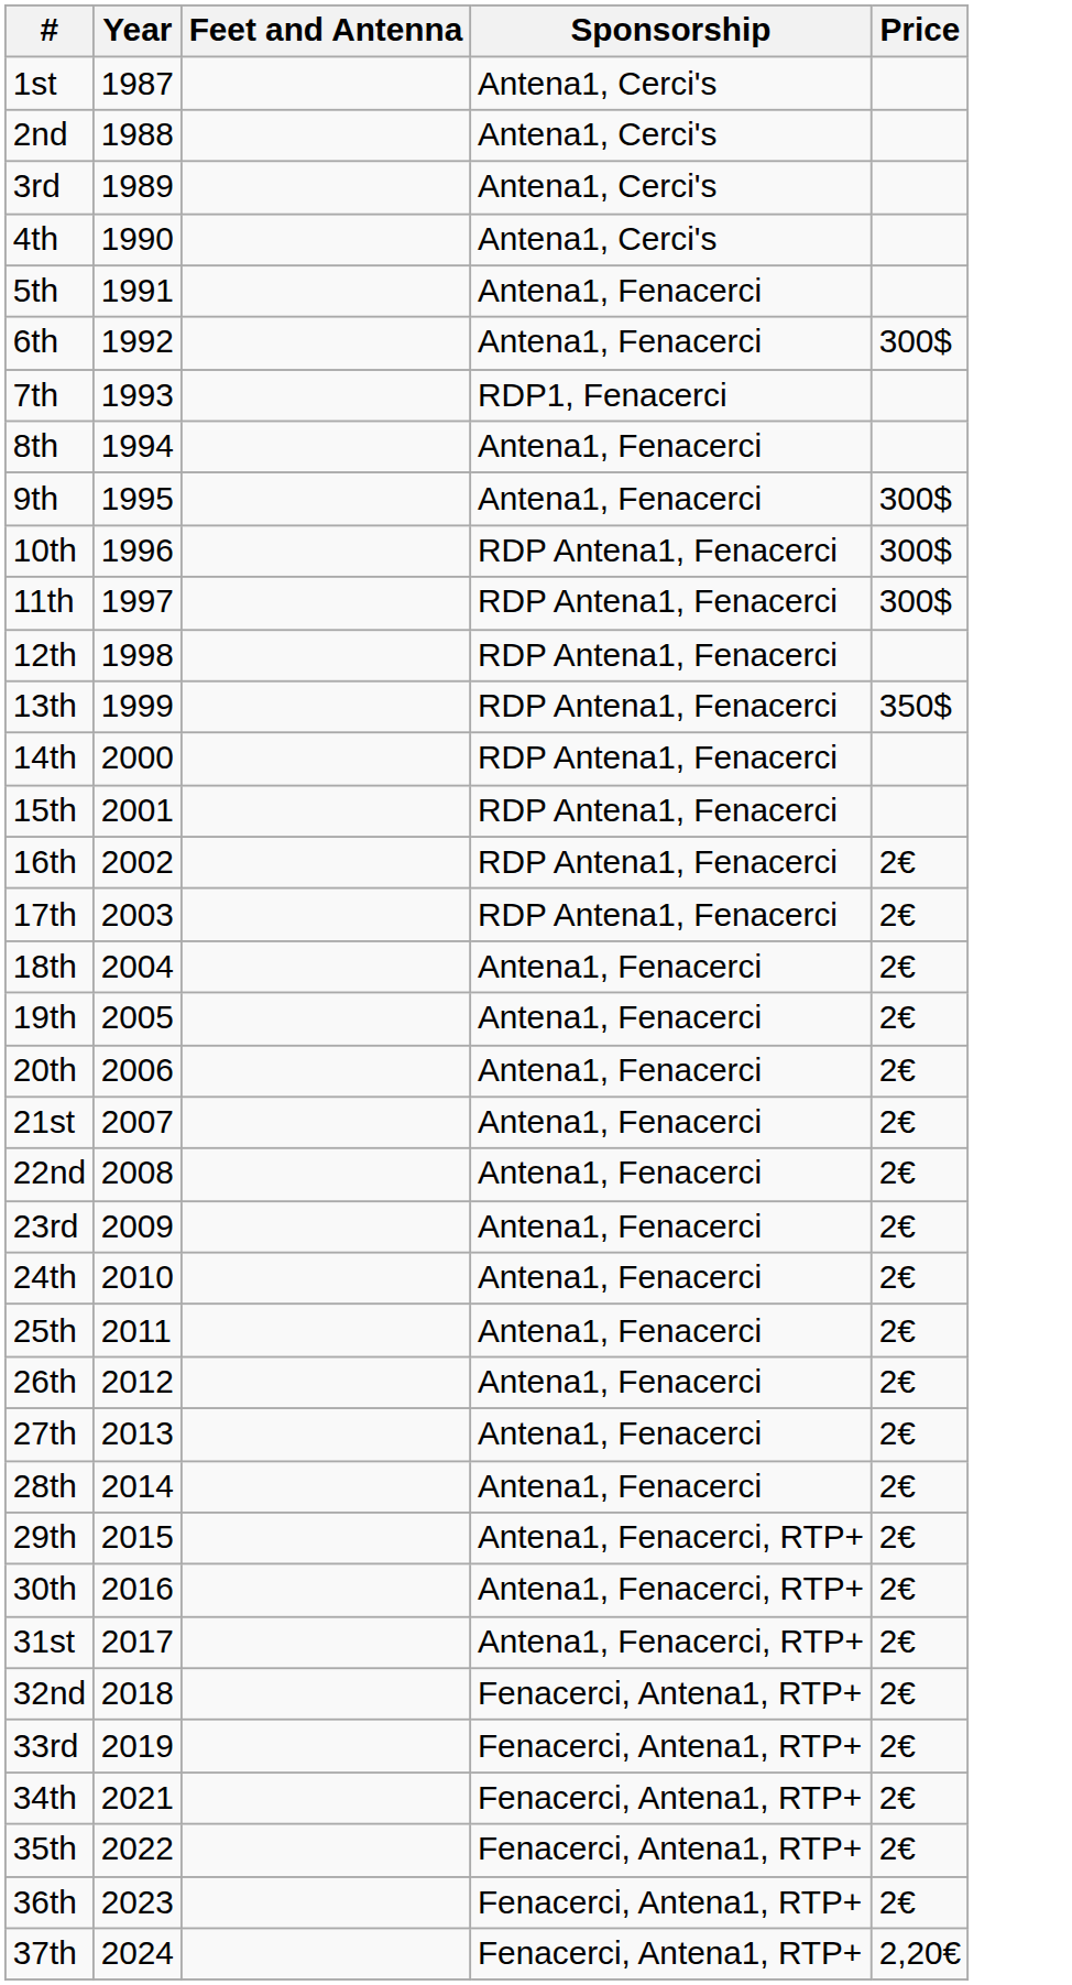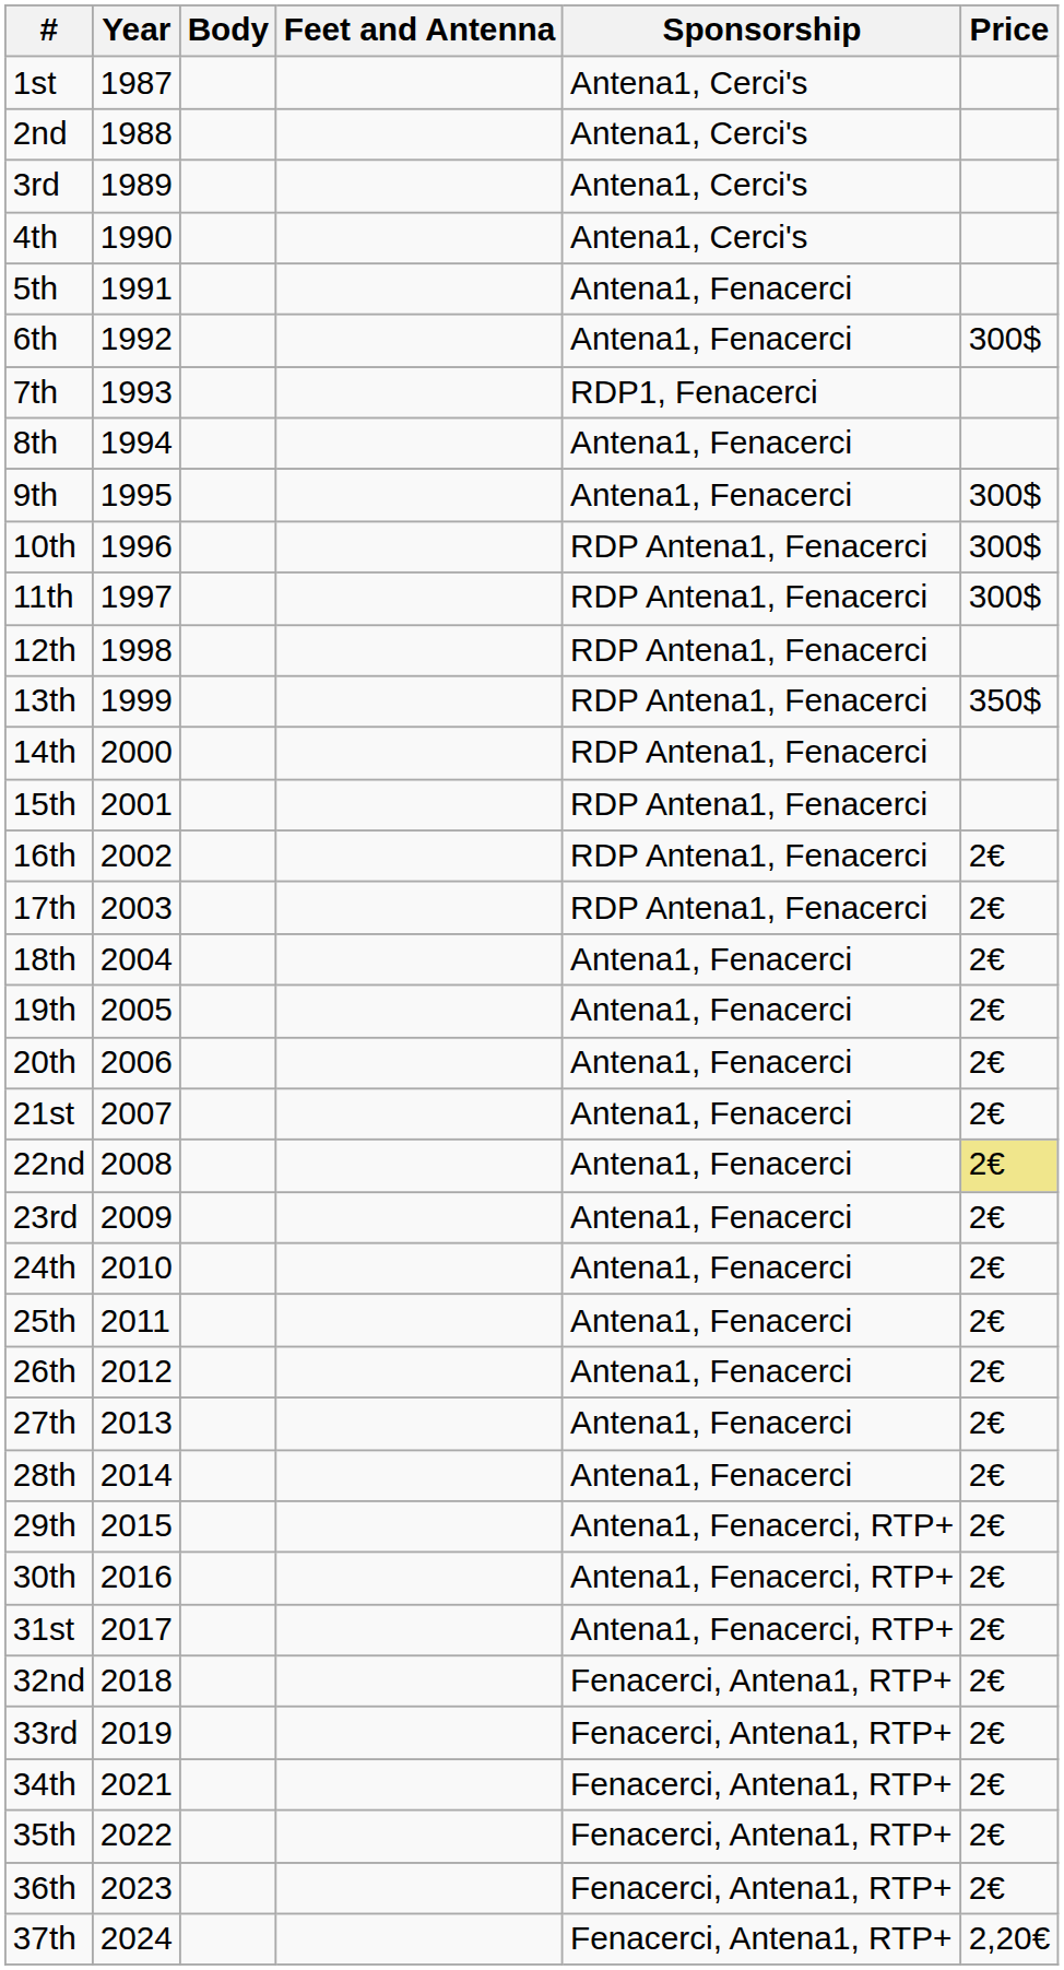 <table class="wikitable sortable">
 <tr>
 <th>#</th>
 <th>Year</th>
+<th>Body</th>
 <th>Feet  and Antenna</th>
 <th>Sponsorship</th>
 <th>Price</th>
 </tr>
 <tr>
 <td>1st</td>
 <td>1987</td>
 <td></td>
+<td></td>
 <td>Antena1, Cerci's</td>
 <td></td>
 </tr>
 <tr>
 <td>2nd</td>
 <td>1988</td>
+<td></td>
 <td></td>
 <td>Antena1, Cerci's</td>
 <td></td>
 </tr>
 <tr>
 <td>3rd</td>
 <td>1989</td>
 <td></td>
+<td></td>
 <td>Antena1, Cerci's</td>
 <td></td>
 </tr>
 <tr>
 <td>4th</td>
 <td>1990</td>
+<td></td>
 <td></td>
 <td>Antena1, Cerci's</td>
 <td></td>
 </tr>
 <tr>
 <td>5th</td>
 <td>1991</td>
 <td></td>
+<td></td>
 <td>Antena1, Fenacerci</td>
 <td></td>
 </tr>
 <tr>
 <td>6th</td>
 <td>1992</td>
+<td></td>
 <td></td>
 <td>Antena1, Fenacerci</td>
 <td>300$</td>
 </tr>
 <tr>
 <td>7th</td>
 <td>1993</td>
 <td></td>
+<td></td>
 <td>RDP1, Fenacerci</td>
 <td></td>
 </tr>
 <tr>
 <td>8th</td>
 <td>1994</td>
+<td></td>
 <td></td>
 <td>Antena1, Fenacerci</td>
 <td></td>
 </tr>
 <tr>
 <td>9th</td>
 <td>1995</td>
 <td></td>
+<td></td>
 <td>Antena1, Fenacerci</td>
 <td>300$</td>
 </tr>
 <tr>
 <td>10th</td>
 <td>1996</td>
 <td></td>
+<td></td>
 <td>RDP Antena1, Fenacerci</td>
 <td>300$</td>
 </tr>
 <tr>
 <td>11th</td>
 <td>1997</td>
+<td></td>
 <td><br></td>
 <td>RDP Antena1, Fenacerci</td>
 <td>300$</td>
 </tr>
 <tr>
 <td>12th</td>
 <td>1998</td>
+<td></td>
 <td><br></td>
 <td>RDP Antena1, Fenacerci</td>
 <td></td>
 </tr>
 <tr>
 <td>13th</td>
 <td>1999</td>
+<td><br></td>
 <td><br> </td>
 <td>RDP Antena1, Fenacerci</td>
 <td>350$</td>
 </tr>
 <tr>
 <td>14th</td>
 <td>2000</td>
 <td><br></td>
+<td><br></td>
 <td>RDP Antena1, Fenacerci</td>
 <td></td>
 </tr>
 <tr>
 <td>15th</td>
 <td>2001</td>
+<td></td>
 <td></td>
 <td>RDP Antena1, Fenacerci</td>
 <td></td>
 </tr>
 <tr>
 <td>16th</td>
 <td>2002</td>
 <td></td>
+<td></td>
 <td>RDP Antena1, Fenacerci</td>
 <td>2€</td>
 </tr>
 <tr>
 <td>17th</td>
 <td>2003</td>
+<td></td>
 <td></td>
 <td>RDP Antena1, Fenacerci</td>
 <td>2€</td>
 </tr>
 <tr>
 <td>18th</td>
 <td>2004</td>
 <td></td>
+<td></td>
 <td>Antena1, Fenacerci</td>
 <td>2€</td>
 </tr>
 <tr>
 <td>19th</td>
 <td>2005</td>
+<td><br></td>
 <td></td>
 <td>Antena1, Fenacerci</td>
 <td>2€</td>
 </tr>
 <tr>
 <td>20th</td>
 <td>2006</td>
+<td><br></td>
 <td></td>
 <td>Antena1, Fenacerci</td>
 <td>2€</td>
 </tr>
 <tr>
 <td>21st</td>
 <td>2007</td>
+<td><br></td>
 <td></td>
 <td>Antena1, Fenacerci</td>
 <td>2€</td>
 </tr>
 <tr>
 <td>22nd</td>
 <td>2008</td>
 <td></td>
+<td></td>
 <td>Antena1, Fenacerci</td>
-<td>2€</td>
+<td style="background: khaki;">2€</td>
 </tr>
 <tr>
 <td>23rd</td>
 <td>2009</td>
+<td></td>
 <td></td>
 <td>Antena1, Fenacerci</td>
 <td>2€</td>
 </tr>
 <tr>
 <td>24th</td>
 <td>2010</td>
 <td></td>
+<td></td>
 <td>Antena1, Fenacerci</td>
 <td>2€</td>
 </tr>
 <tr>
 <td>25th</td>
 <td>2011</td>
+<td></td>
 <td></td>
 <td>Antena1, Fenacerci</td>
 <td>2€</td>
 </tr>
 <tr>
 <td>26th</td>
 <td>2012</td>
 <td></td>
+<td></td>
 <td>Antena1, Fenacerci</td>
 <td>2€</td>
 </tr>
 <tr>
 <td>27th</td>
 <td>2013</td>
+<td></td>
 <td></td>
 <td>Antena1, Fenacerci</td>
 <td>2€</td>
 </tr>
 <tr>
 <td>28th</td>
 <td>2014</td>
 <td></td>
+<td></td>
 <td>Antena1, Fenacerci</td>
 <td>2€</td>
 </tr>
 <tr>
 <td>29th</td>
 <td>2015</td>
+<td></td>
 <td></td>
 <td>Antena1, Fenacerci, RTP+</td>
 <td>2€</td>
 </tr>
 <tr>
 <td>30th</td>
 <td>2016</td>
 <td></td>
+<td></td>
 <td>Antena1, Fenacerci, RTP+</td>
 <td>2€</td>
 </tr>
 <tr>
 <td>31st</td>
 <td>2017</td>
+<td><br></td>
 <td></td>
 <td>Antena1, Fenacerci, RTP+</td>
 <td>2€</td>
 </tr>
 <tr>
 <td>32nd</td>
 <td>2018</td>
 <td><br></td>
+<td><br></td>
 <td>Fenacerci, Antena1, RTP+</td>
 <td>2€</td>
 </tr>
 <tr>
 <td>33rd</td>
 <td>2019</td>
+<td><br></td>
 <td></td>
 <td>Fenacerci, Antena1, RTP+</td>
 <td>2€</td>
 </tr>
 <tr>
 <td>34th</td>
 <td>2021</td>
 <td></td>
+<td></td>
 <td>Fenacerci, Antena1, RTP+</td>
 <td>2€</td>
 </tr>
 <tr>
 <td>35th</td>
 <td>2022</td>
+<td></td>
 <td></td>
 <td>Fenacerci, Antena1, RTP+</td>
 <td>2€</td>
 </tr>
 <tr>
 <td>36th</td>
 <td>2023</td>
 <td></td>
+<td></td>
 <td>Fenacerci, Antena1, RTP+</td>
 <td>2€</td>
 </tr>
 <tr>
 <td>37th</td>
 <td>2024</td>
+<td><br></td>
 <td></td>
 <td>Fenacerci, Antena1, RTP+</td>
 <td>2,20€</td>
 </tr>
 </table>
